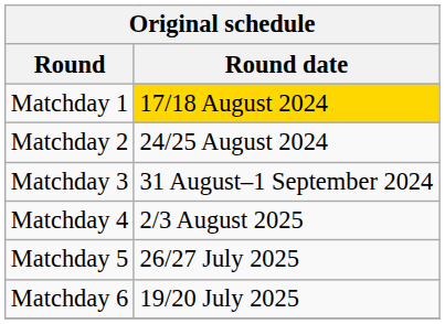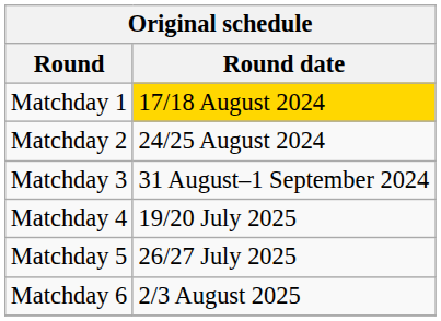 <table class="wikitable collapsible collapsed">
 <tr>
 <th colspan=2>Original schedule</th>
 </tr>
 <tr>
 <th>Round</th>
 <th>Round date</th>
 </tr>
 <tr>
 <td>Matchday 1</td>
 <td style="background: gold;">17/18 August 2024</td>
 </tr>
 <tr>
 <td>Matchday 2</td>
 <td>24/25 August 2024</td>
 </tr>
 <tr>
 <td>Matchday 3</td>
 <td>31 August–1 September 2024</td>
 </tr>
 <tr>
 <td>Matchday 4</td>
-<td>2/3 August 2025</td>
+<td>19/20 July 2025</td>
 </tr>
 <tr>
 <td>Matchday 5</td>
 <td>26/27 July 2025</td>
 </tr>
 <tr>
 <td>Matchday 6</td>
-<td>19/20 July 2025</td>
+<td>2/3 August 2025</td>
 </tr>
 <tr>
 </tr>
 </table>
